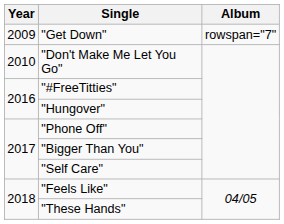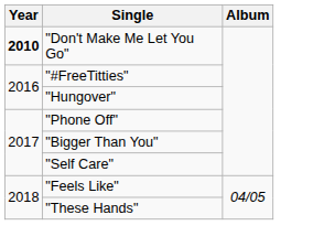 <table class="wikitable" style="text-align:center;">
 <tr>
 <th>Year</th>
 <th style="width:200px;">Single</th>
 <th>Album</th>
 </tr>
 <tr>
-<td>2009</td>
-<td align="left">"Get Down"</td>
-<td>rowspan="7" </td>
-</tr>
-<tr>
-<td>2010</td>
+<td><strong>2010</strong></td>
 <td align="left">"Don't Make Me Let You Go"</td>
 </tr>
 <tr>
 <td rowspan="2">2016</td>
 <td align="left">"#FreeTitties"</td>
 </tr>
 <tr>
 <td align="left">"Hungover"</td>
 </tr>
 <tr>
 <td rowspan="3">2017</td>
 <td align="left">"Phone Off"</td>
 </tr>
 <tr>
 <td align="left">"Bigger Than You"</td>
 </tr>
 <tr>
 <td align="left">"Self Care"</td>
 </tr>
 <tr>
 <td rowspan="2">2018</td>
 <td align="left">"Feels Like"</td>
 <td rowspan="2"><em>04/05</em></td>
 </tr>
 <tr>
 <td align="left">"These Hands"</td>
 </tr>
 </table>
